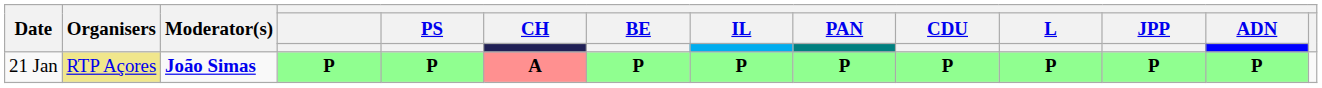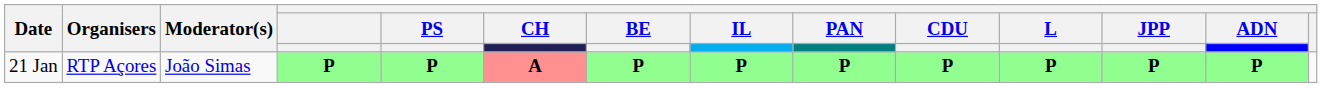 <table class="wikitable" style="text-align:center;">
 <tr>
 <th rowspan="3">Date</th>
 <th rowspan="3">Organisers</th>
 <th rowspan="3">Moderator(s)</th>
 <th colspan="11">          </th>
 </tr>
 <tr>
 <th scope="col" style="width:5em;"></th>
 <th scope="col" style="width:5em;"><a href='#'>PS</a></th>
 <th scope="col" style="width:5em;"><a href='#'>CH</a></th>
 <th scope="col" style="width:5em;"><a href='#'>BE</a></th>
 <th scope="col" style="width:5em;"><a href='#'>IL</a></th>
 <th scope="col" style="width:5em;"><a href='#'>PAN</a></th>
 <th scope="col" style="width:5em;"><a href='#'>CDU</a></th>
 <th scope="col" style="width:5em;"><a href='#'>L</a></th>
 <th scope="col" style="width:5em;"><a href='#'>JPP</a></th>
 <th scope="col" style="width:5em;"><a href='#'>ADN</a></th>
 <th rowspan="2"></th>
 </tr>
 <tr>
 <th style="color:inherit;background:"></th>
 <th style="color:inherit;background:"></th>
 <th style="color:inherit;background:#202056;"></th>
 <th style="color:inherit;background:"></th>
 <th style="color:inherit;background:#00ADEF;"></th>
 <th style="color:inherit;background:teal;"></th>
 <th style="color:inherit;background:"></th>
 <th style="color:inherit;background:"></th>
 <th style="color:inherit;background:"></th>
 <th style="color:inherit;background:blue;"></th>
 </tr>
 <tr>
 <td style="white-space:nowrap; text-align:left;">21 Jan</td>
-<td style="background: khaki; white-space:nowrap; text-align:left;"><a href='#'>RTP Açores</a></td>
-<td style="white-space:nowrap; text-align:left;"><strong><a href='#'>João Simas</a></strong></td>
+<td style="white-space:nowrap; text-align:left;"><a href='#'>RTP Açores</a></td>
+<td style="white-space:nowrap; text-align:left;"><a href='#'>João Simas</a></td>
 <td style="background:#90FF90;"><strong>P</strong><br></td>
 <td style="background:#90FF90;"><strong>P</strong><br></td>
 <td style="background:#FF9090;"><strong>A</strong><br></td>
 <td style="background:#90FF90;"><strong>P</strong><br></td>
 <td style="background:#90FF90;"><strong>P</strong><br></td>
 <td style="background:#90FF90;"><strong>P</strong><br></td>
 <td style="background:#90FF90;"><strong>P</strong><br></td>
 <td style="background:#90FF90;"><strong>P</strong><br></td>
 <td style="background:#90FF90;"><strong>P</strong><br></td>
 <td style="background:#90FF90;"><strong>P</strong><br></td>
 <td></td>
 </tr>
 </table>
